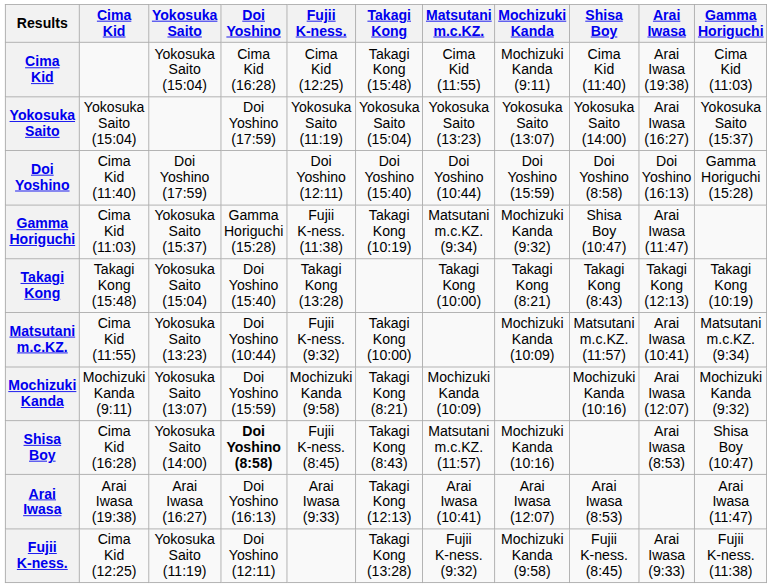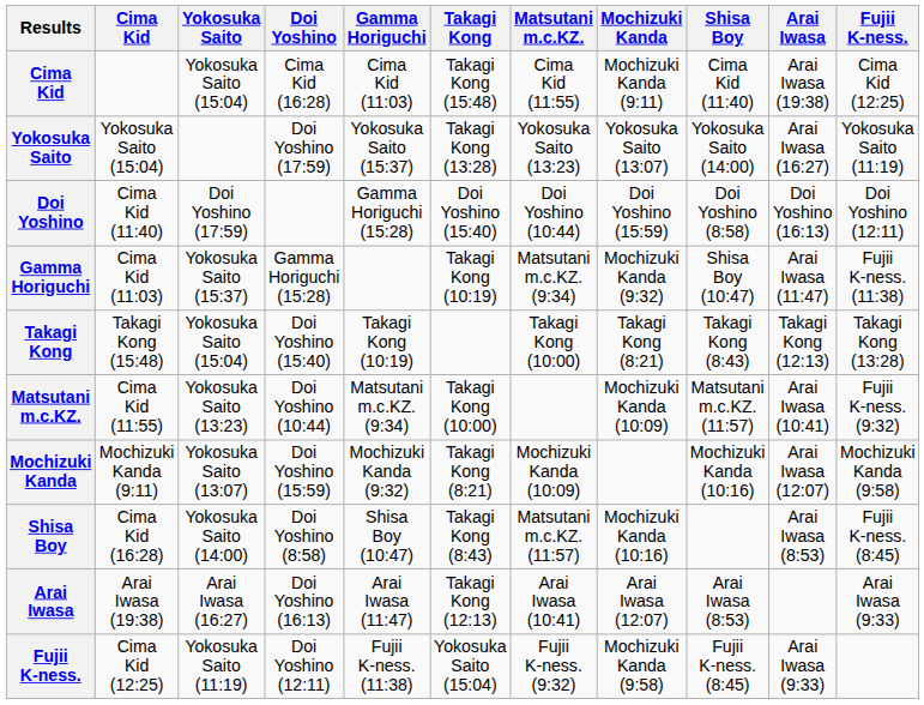 <table class="wikitable" style="margin: 1em auto 1em auto;text-align:center">
 <tr>
 <th>Results</th>
 <th><a href='#'>Cima</a><br><a href='#'>Kid</a></th>
 <th><a href='#'>Yokosuka</a><br><a href='#'>Saito</a></th>
 <th><a href='#'>Doi</a><br><a href='#'>Yoshino</a></th>
-<th><a href='#'>Fujii</a><br><a href='#'>K-ness.</a></th>
+<th><a href='#'>Gamma</a><br><a href='#'>Horiguchi</a></th>
 <th><a href='#'>Takagi</a><br><a href='#'>Kong</a></th>
 <th><a href='#'>Matsutani</a><br><a href='#'>m.c.KZ.</a></th>
 <th><a href='#'>Mochizuki</a><br><a href='#'>Kanda</a></th>
 <th><a href='#'>Shisa</a><br><a href='#'>Boy</a></th>
 <th><a href='#'>Arai</a><br><a href='#'>Iwasa</a></th>
-<th><a href='#'>Gamma</a><br><a href='#'>Horiguchi</a></th>
+<th><a href='#'>Fujii</a><br><a href='#'>K-ness.</a></th>
 </tr>
 <tr>
 <th><a href='#'>Cima</a><br><a href='#'>Kid</a></th>
 <td></td>
 <td>Yokosuka<br>Saito<br>(15:04)</td>
 <td>Cima<br>Kid<br>(16:28)</td>
-<td>Cima<br>Kid<br>(12:25)</td>
+<td>Cima<br>Kid<br>(11:03)</td>
 <td>Takagi<br>Kong<br>(15:48)</td>
 <td>Cima<br>Kid<br>(11:55)</td>
 <td>Mochizuki<br>Kanda<br>(9:11)</td>
 <td>Cima<br>Kid<br>(11:40)</td>
 <td>Arai<br>Iwasa<br>(19:38)</td>
-<td>Cima<br>Kid<br>(11:03)</td>
+<td>Cima<br>Kid<br>(12:25)</td>
 </tr>
 <tr>
 <th><a href='#'>Yokosuka</a><br><a href='#'>Saito</a></th>
 <td>Yokosuka<br>Saito<br>(15:04)</td>
 <td></td>
 <td>Doi<br>Yoshino<br>(17:59)</td>
-<td>Yokosuka<br>Saito<br>(11:19)</td>
-<td>Yokosuka<br>Saito<br>(15:04)</td>
+<td>Yokosuka<br>Saito<br>(15:37)</td>
+<td>Takagi<br>Kong<br>(13:28)</td>
 <td>Yokosuka<br>Saito<br>(13:23)</td>
 <td>Yokosuka<br>Saito<br>(13:07)</td>
 <td>Yokosuka<br>Saito<br>(14:00)</td>
 <td>Arai<br>Iwasa<br>(16:27)</td>
-<td>Yokosuka<br>Saito<br>(15:37)</td>
+<td>Yokosuka<br>Saito<br>(11:19)</td>
 </tr>
 <tr>
 <th><a href='#'>Doi</a><br><a href='#'>Yoshino</a></th>
 <td>Cima<br>Kid<br>(11:40)</td>
 <td>Doi<br>Yoshino<br>(17:59)</td>
 <td></td>
-<td>Doi<br>Yoshino<br>(12:11)</td>
+<td>Gamma<br>Horiguchi<br>(15:28)</td>
 <td>Doi<br>Yoshino<br>(15:40)</td>
 <td>Doi<br>Yoshino<br>(10:44)</td>
 <td>Doi<br>Yoshino<br>(15:59)</td>
 <td>Doi<br>Yoshino<br>(8:58)</td>
 <td>Doi<br>Yoshino<br>(16:13)</td>
-<td>Gamma<br>Horiguchi<br>(15:28)</td>
+<td>Doi<br>Yoshino<br>(12:11)</td>
 </tr>
 <tr>
 <th><a href='#'>Gamma</a><br><a href='#'>Horiguchi</a></th>
 <td>Cima<br>Kid<br>(11:03)</td>
 <td>Yokosuka<br>Saito<br>(15:37)</td>
 <td>Gamma<br>Horiguchi<br>(15:28)</td>
-<td>Fujii<br>K-ness.<br>(11:38)</td>
+<td></td>
 <td>Takagi<br>Kong<br>(10:19)</td>
 <td>Matsutani<br>m.c.KZ.<br>(9:34)</td>
 <td>Mochizuki<br>Kanda<br>(9:32)</td>
 <td>Shisa<br>Boy<br>(10:47)</td>
 <td>Arai<br>Iwasa<br>(11:47)</td>
-<td></td>
+<td>Fujii<br>K-ness.<br>(11:38)</td>
 </tr>
 <tr>
 <th><a href='#'>Takagi</a><br><a href='#'>Kong</a></th>
 <td>Takagi<br>Kong<br>(15:48)</td>
 <td>Yokosuka<br>Saito<br>(15:04)</td>
 <td>Doi<br>Yoshino<br>(15:40)</td>
-<td>Takagi<br>Kong<br>(13:28)</td>
+<td>Takagi<br>Kong<br>(10:19)</td>
 <td></td>
 <td>Takagi<br>Kong<br>(10:00)</td>
 <td>Takagi<br>Kong<br>(8:21)</td>
 <td>Takagi<br>Kong<br>(8:43)</td>
 <td>Takagi<br>Kong<br>(12:13)</td>
-<td>Takagi<br>Kong<br>(10:19)</td>
+<td>Takagi<br>Kong<br>(13:28)</td>
 </tr>
 <tr>
 <th><a href='#'>Matsutani</a><br><a href='#'>m.c.KZ.</a></th>
 <td>Cima<br>Kid<br>(11:55)</td>
 <td>Yokosuka<br>Saito<br>(13:23)</td>
 <td>Doi<br>Yoshino<br>(10:44)</td>
-<td>Fujii<br>K-ness.<br>(9:32)</td>
+<td>Matsutani<br>m.c.KZ.<br>(9:34)</td>
 <td>Takagi<br>Kong<br>(10:00)</td>
 <td></td>
 <td>Mochizuki<br>Kanda<br>(10:09)</td>
 <td>Matsutani<br>m.c.KZ.<br>(11:57)</td>
 <td>Arai<br>Iwasa<br>(10:41)</td>
-<td>Matsutani<br>m.c.KZ.<br>(9:34)</td>
+<td>Fujii<br>K-ness.<br>(9:32)</td>
 </tr>
 <tr>
 <th><a href='#'>Mochizuki</a><br><a href='#'>Kanda</a></th>
 <td>Mochizuki<br>Kanda<br>(9:11)</td>
 <td>Yokosuka<br>Saito<br>(13:07)</td>
 <td>Doi<br>Yoshino<br>(15:59)</td>
-<td>Mochizuki<br>Kanda<br>(9:58)</td>
+<td>Mochizuki<br>Kanda<br>(9:32)</td>
 <td>Takagi<br>Kong<br>(8:21)</td>
 <td>Mochizuki<br>Kanda<br>(10:09)</td>
 <td></td>
 <td>Mochizuki<br>Kanda<br>(10:16)</td>
 <td>Arai<br>Iwasa<br>(12:07)</td>
-<td>Mochizuki<br>Kanda<br>(9:32)</td>
+<td>Mochizuki<br>Kanda<br>(9:58)</td>
 </tr>
 <tr>
 <th><a href='#'>Shisa</a><br><a href='#'>Boy</a></th>
 <td>Cima<br>Kid<br>(16:28)</td>
 <td>Yokosuka<br>Saito<br>(14:00)</td>
-<td><strong>Doi<br>Yoshino<br>(8:58)</strong></td>
-<td>Fujii<br>K-ness.<br>(8:45)</td>
+<td>Doi<br>Yoshino<br>(8:58)</td>
+<td>Shisa<br>Boy<br>(10:47)</td>
 <td>Takagi<br>Kong<br>(8:43)</td>
 <td>Matsutani<br>m.c.KZ.<br>(11:57)</td>
 <td>Mochizuki<br>Kanda<br>(10:16)</td>
 <td></td>
 <td>Arai<br>Iwasa<br>(8:53)</td>
-<td>Shisa<br>Boy<br>(10:47)</td>
+<td>Fujii<br>K-ness.<br>(8:45)</td>
 </tr>
 <tr>
 <th><a href='#'>Arai</a><br><a href='#'>Iwasa</a></th>
 <td>Arai<br>Iwasa<br>(19:38)</td>
 <td>Arai<br>Iwasa<br>(16:27)</td>
 <td>Doi<br>Yoshino<br>(16:13)</td>
-<td>Arai<br>Iwasa<br>(9:33)</td>
+<td>Arai<br>Iwasa<br>(11:47)</td>
 <td>Takagi<br>Kong<br>(12:13)</td>
 <td>Arai<br>Iwasa<br>(10:41)</td>
 <td>Arai<br>Iwasa<br>(12:07)</td>
 <td>Arai<br>Iwasa<br>(8:53)</td>
 <td></td>
-<td>Arai<br>Iwasa<br>(11:47)</td>
+<td>Arai<br>Iwasa<br>(9:33)</td>
 </tr>
 <tr>
 <th><a href='#'>Fujii</a><br><a href='#'>K-ness.</a></th>
 <td>Cima<br>Kid<br>(12:25)</td>
 <td>Yokosuka<br>Saito<br>(11:19)</td>
 <td>Doi<br>Yoshino<br>(12:11)</td>
-<td></td>
-<td>Takagi<br>Kong<br>(13:28)</td>
+<td>Fujii<br>K-ness.<br>(11:38)</td>
+<td>Yokosuka<br>Saito<br>(15:04)</td>
 <td>Fujii<br>K-ness.<br>(9:32)</td>
 <td>Mochizuki<br>Kanda<br>(9:58)</td>
 <td>Fujii<br>K-ness.<br>(8:45)</td>
 <td>Arai<br>Iwasa<br>(9:33)</td>
-<td>Fujii<br>K-ness.<br>(11:38)</td>
+<td></td>
 </tr>
 </table>
